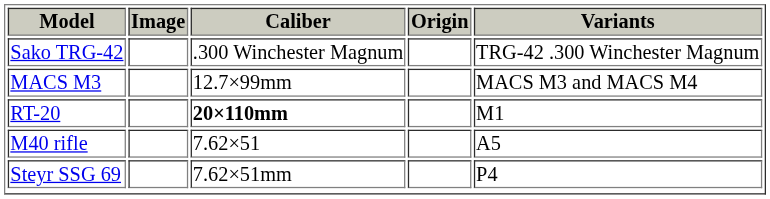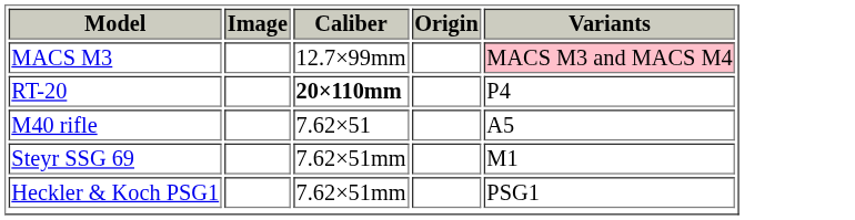 <table border=1 style="border-collapse:">
 <tr bgcolor=ccccc>
 <th>Model</th>
 <th>Image</th>
 <th>Caliber</th>
 <th>Origin</th>
 <th>Variants</th>
 </tr>
 <tr>
-<td><a href='#'>Sako TRG-42</a></td>
-<td></td>
-<td>.300 Winchester Magnum</td>
-<td></td>
-<td>TRG-42 .300 Winchester Magnum</td>
-</tr>
-<tr>
 <td><a href='#'>MACS M3</a></td>
 <td></td>
 <td>12.7×99mm</td>
 <td></td>
-<td>MACS M3 and MACS M4</td>
+<td style="background: pink;">MACS M3 and MACS M4</td>
 </tr>
 <tr>
 <td><a href='#'>RT-20</a></td>
 <td></td>
 <td><strong>20×110mm</strong></td>
 <td></td>
-<td>M1</td>
+<td>P4</td>
 </tr>
 <tr>
 <td><a href='#'>M40 rifle</a></td>
 <td></td>
 <td>7.62×51</td>
 <td></td>
 <td>A5</td>
 </tr>
 <tr>
 <td><a href='#'>Steyr SSG 69</a></td>
 <td></td>
 <td>7.62×51mm</td>
 <td></td>
-<td>P4</td>
+<td>M1</td>
+</tr>
+<tr>
+<td><a href='#'>Heckler & Koch PSG1</a></td>
+<td></td>
+<td>7.62×51mm</td>
+<td></td>
+<td>PSG1</td>
 </tr>
 <tr>
 </tr>
 </table>
